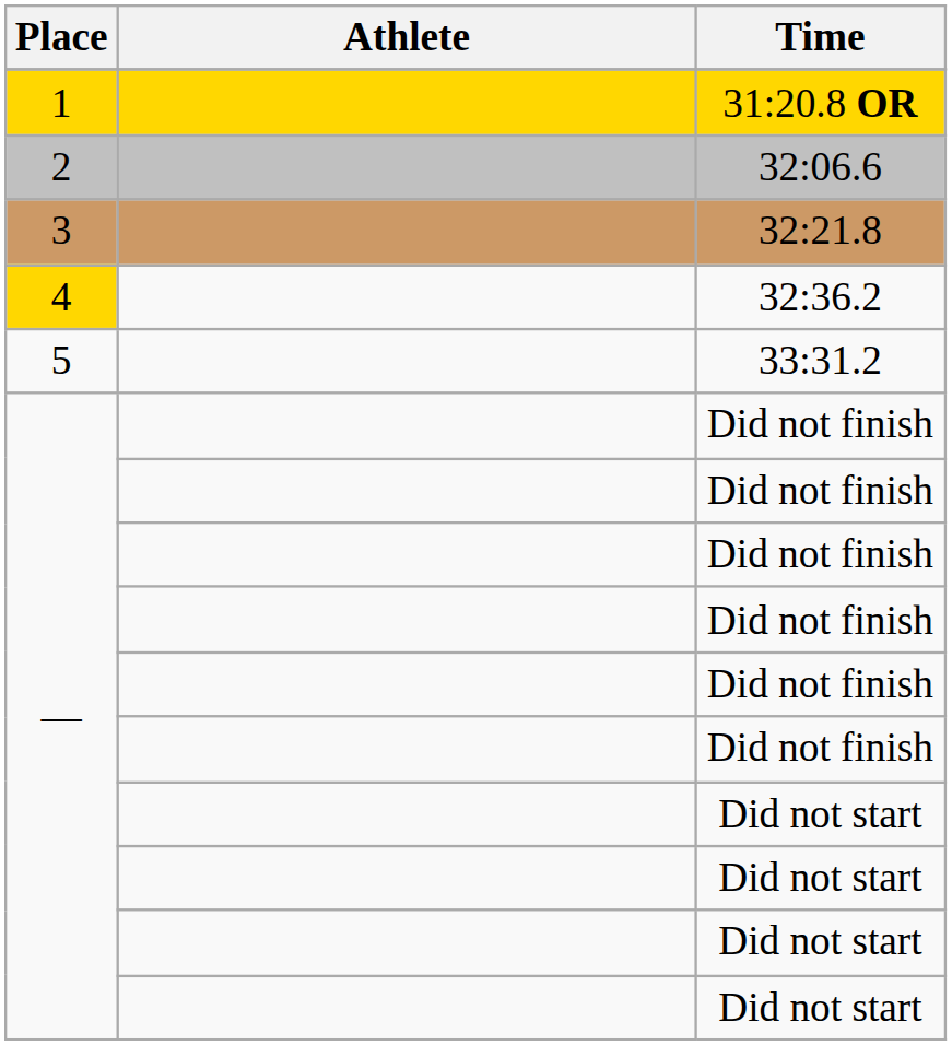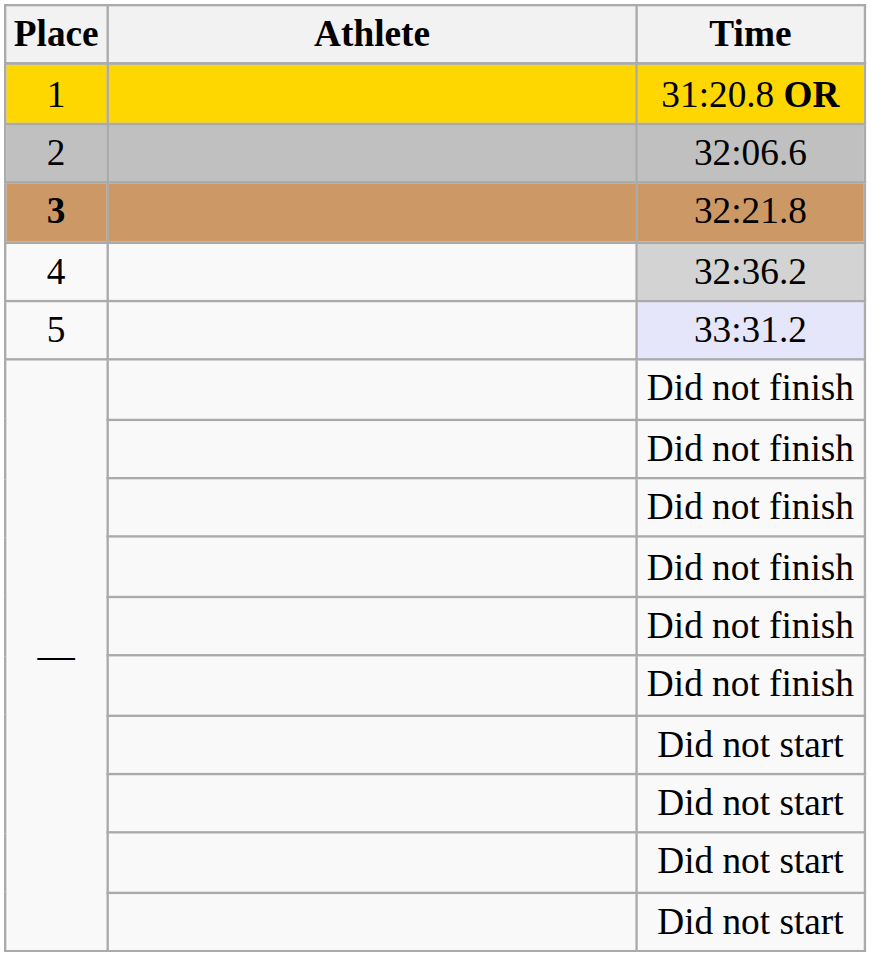 <table class=wikitable style="text-align:center">
 <tr>
 <th width=20>Place</th>
 <th width=220>Athlete</th>
 <th width=90>Time</th>
 </tr>
 <tr>
 </tr>
 <tr align=center bgcolor=gold>
 <td>1</td>
 <td align=left></td>
 <td>31:20.8 <strong>OR</strong></td>
 </tr>
 <tr align=center bgcolor=silver>
 <td>2</td>
 <td align=left></td>
 <td>32:06.6</td>
 </tr>
 <tr align=center bgcolor=cc9966>
-<td>3</td>
+<td><strong>3</strong></td>
 <td align=left></td>
 <td>32:21.8</td>
 </tr>
 <tr>
-<td style="background: gold;">4</td>
+<td>4</td>
 <td align=left></td>
-<td>32:36.2</td>
+<td style="background: lightgrey;">32:36.2</td>
 </tr>
 <tr>
 <td>5</td>
 <td align=left></td>
-<td>33:31.2</td>
+<td style="background: lavender;">33:31.2</td>
 </tr>
 <tr>
 <td rowspan=10>—</td>
 <td align=left></td>
 <td>Did not finish</td>
 </tr>
 <tr>
 <td align=left></td>
 <td>Did not finish</td>
 </tr>
 <tr>
 <td align=left></td>
 <td>Did not finish</td>
 </tr>
 <tr>
 <td align=left></td>
 <td>Did not finish</td>
 </tr>
 <tr>
 <td align=left></td>
 <td>Did not finish</td>
 </tr>
 <tr>
 <td align=left></td>
 <td>Did not finish</td>
 </tr>
 <tr>
 <td align=left></td>
 <td>Did not start</td>
 </tr>
 <tr>
 <td align=left></td>
 <td>Did not start</td>
 </tr>
 <tr>
 <td align=left></td>
 <td>Did not start</td>
 </tr>
 <tr>
 <td align=left></td>
 <td>Did not start</td>
 </tr>
 </table>
